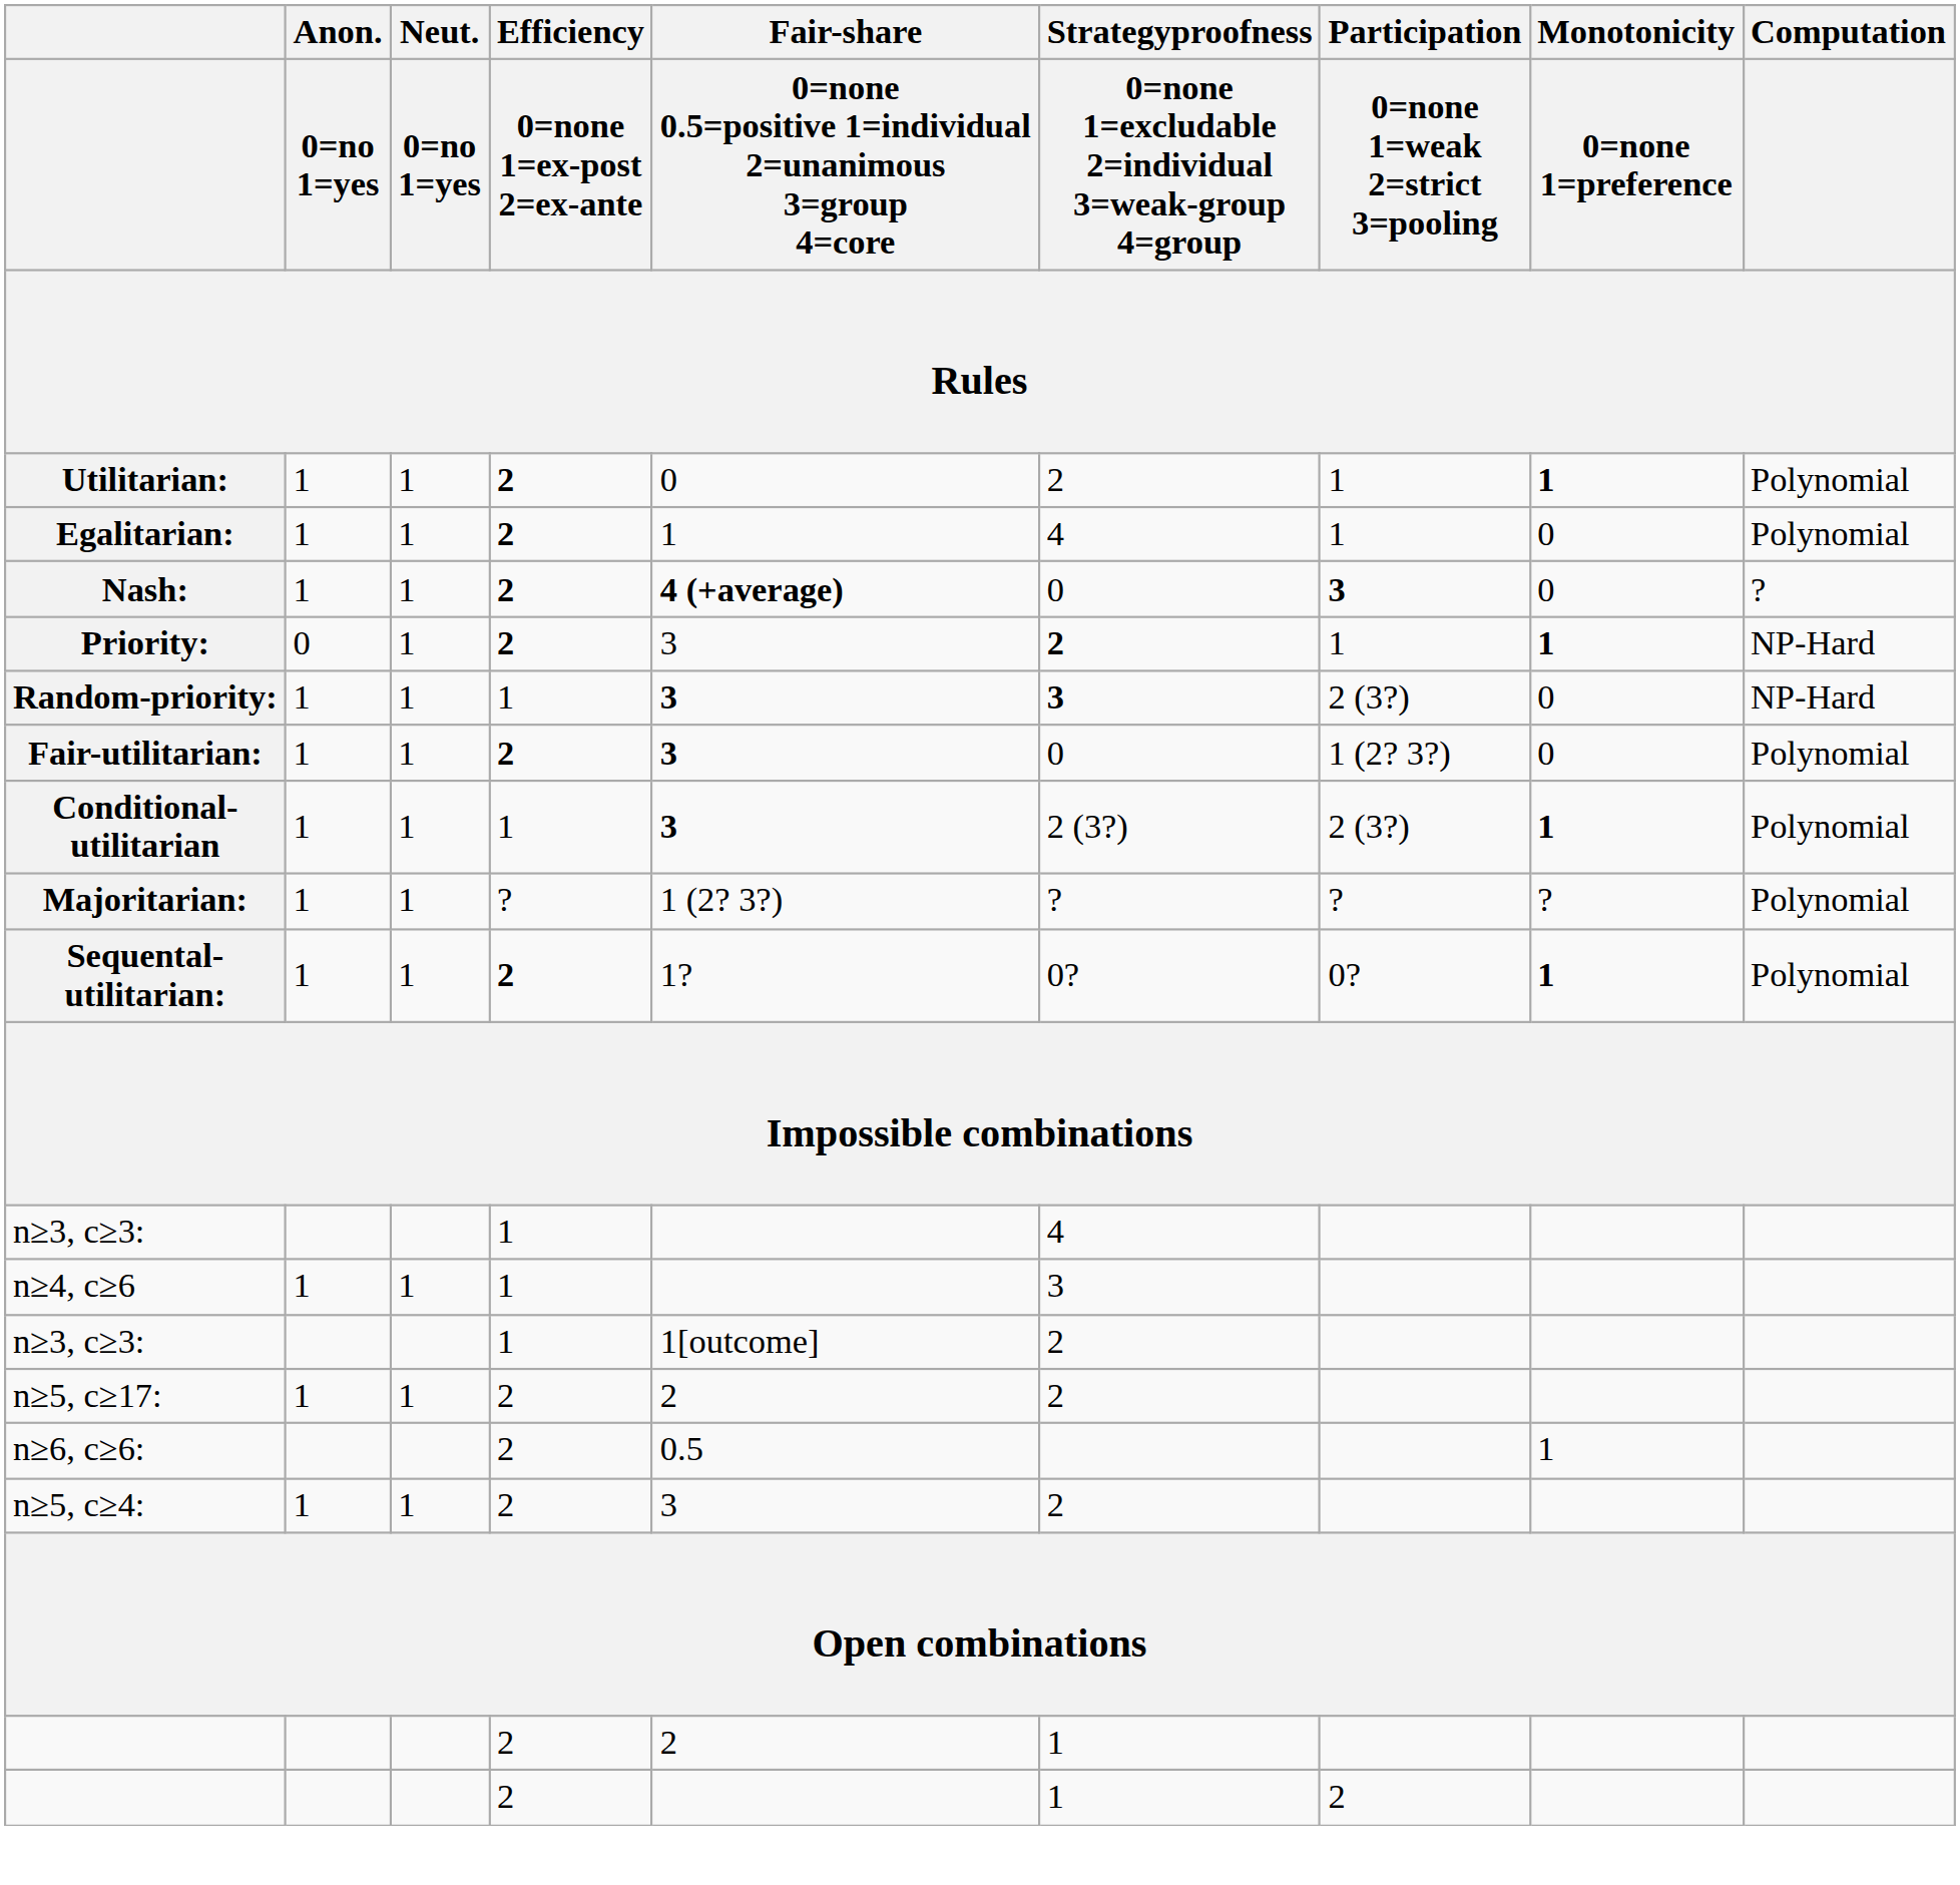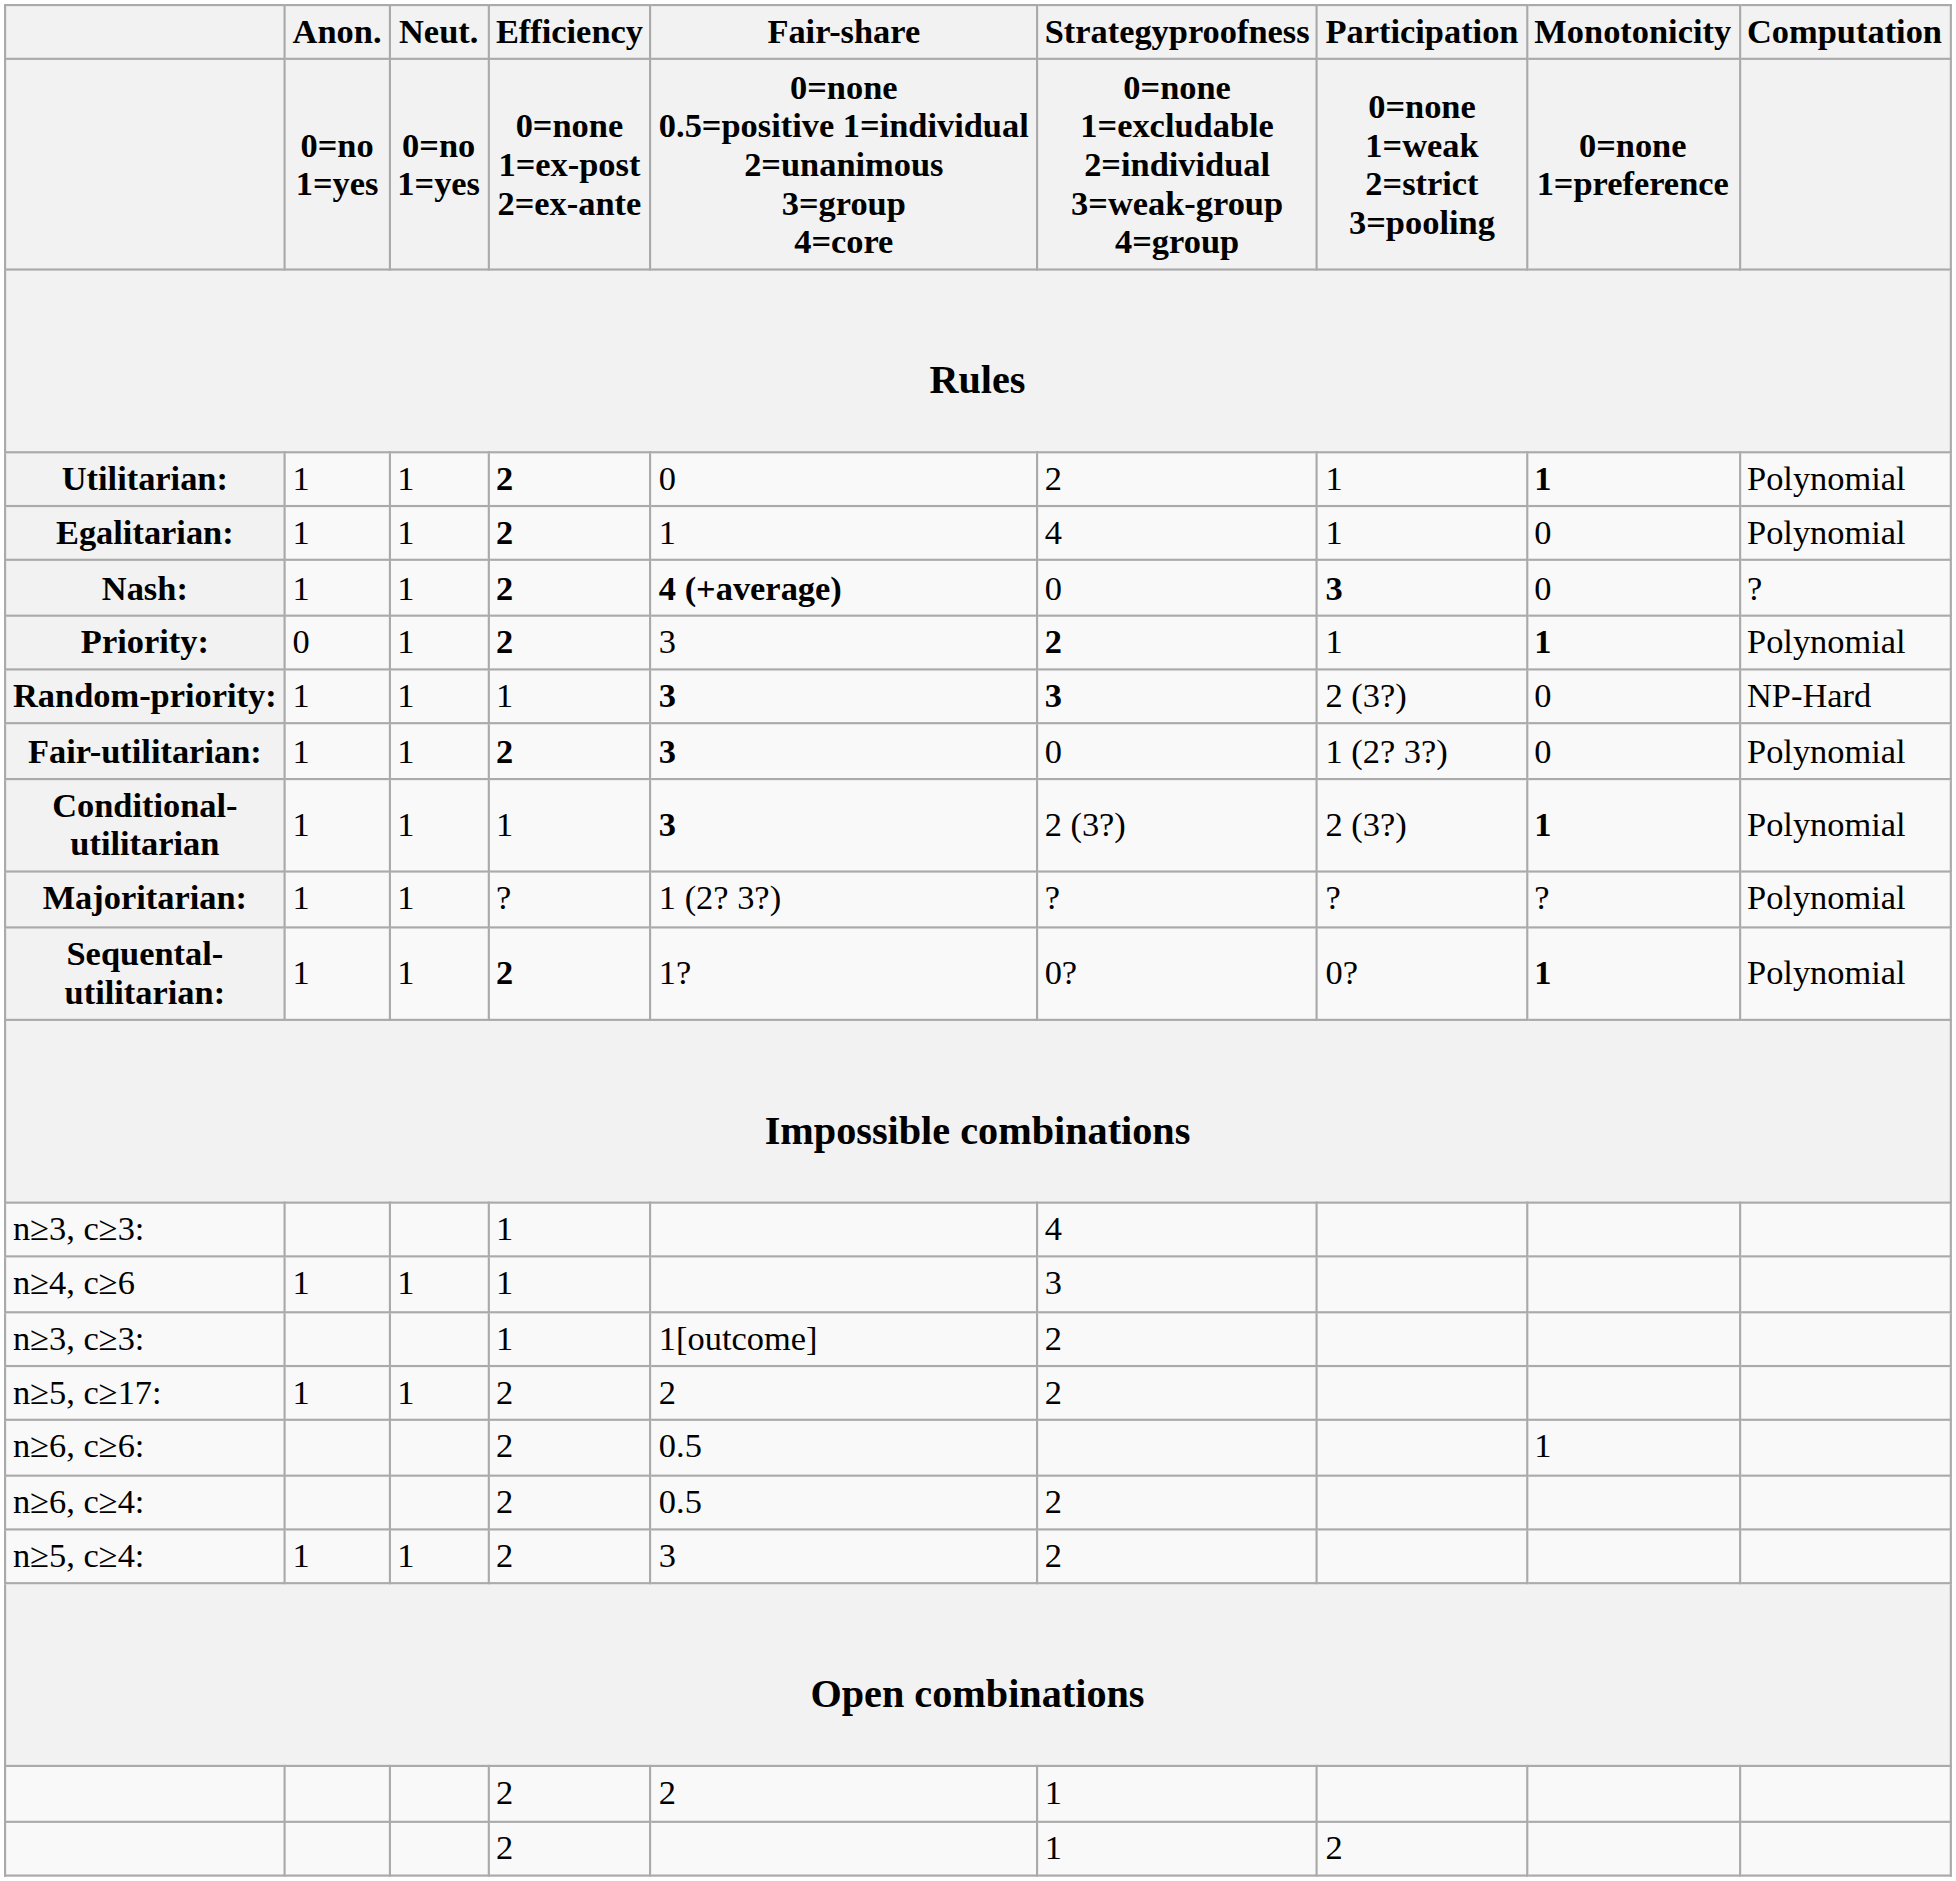 <table class="wikitable">
 <tr>
 <th></th>
 <th>Anon.</th>
 <th>Neut.</th>
 <th>Efficiency</th>
 <th>Fair-share</th>
 <th>Strategyproofness</th>
 <th>Participation</th>
 <th>Monotonicity</th>
 <th>Computation</th>
 </tr>
 <tr>
 <th></th>
 <th>0=no<br>1=yes</th>
 <th>0=no<br>1=yes</th>
 <th>0=none<br>1=ex-post<br>2=ex-ante</th>
 <th>0=none<br>0.5=positive 1=individual<br>2=unanimous<br>3=group<br>4=core</th>
 <th>0=none<br>1=excludable<br>2=individual<br>3=weak-group<br>4=group</th>
 <th>0=none<br>1=weak<br>2=strict<br>3=pooling</th>
 <th>0=none<br>1=preference</th>
 <th></th>
 </tr>
 <tr>
 <th colspan="9"><br><h3>Rules</h3></th>
 </tr>
 <tr>
 <th><strong>Utilitarian:</strong></th>
 <td>1</td>
 <td>1</td>
 <td><strong>2</strong></td>
 <td>0</td>
 <td>2</td>
 <td>1</td>
 <td><strong>1</strong></td>
 <td>Polynomial</td>
 </tr>
 <tr>
 <th><strong>Egalitarian:</strong></th>
 <td>1</td>
 <td>1</td>
 <td><strong>2</strong></td>
 <td>1</td>
 <td>4</td>
 <td>1</td>
 <td>0</td>
 <td>Polynomial</td>
 </tr>
 <tr>
 <th><strong>Nash:</strong></th>
 <td>1</td>
 <td>1</td>
 <td><strong>2</strong></td>
 <td><strong>4 (+average)</strong></td>
 <td>0</td>
 <td><strong>3</strong></td>
 <td>0</td>
 <td>?</td>
 </tr>
 <tr>
 <th><strong>Priority:</strong></th>
 <td>0</td>
 <td>1</td>
 <td><strong>2</strong></td>
 <td>3</td>
 <td><strong>2</strong></td>
 <td>1</td>
 <td><strong>1</strong></td>
-<td>NP-Hard</td>
+<td>Polynomial</td>
 </tr>
 <tr>
 <th><strong>Random-priority:</strong></th>
 <td>1</td>
 <td>1</td>
 <td>1</td>
 <td><strong>3</strong></td>
 <td><strong>3</strong></td>
 <td>2 (3?)</td>
 <td>0</td>
 <td>NP-Hard</td>
 </tr>
 <tr>
 <th><strong>Fair-utilitarian:</strong></th>
 <td>1</td>
 <td>1</td>
 <td><strong>2</strong></td>
 <td><strong>3</strong></td>
 <td>0</td>
 <td>1 (2? 3?)</td>
 <td>0</td>
 <td>Polynomial</td>
 </tr>
 <tr>
 <th>Conditional-<br>utilitarian</th>
 <td>1</td>
 <td>1</td>
 <td>1</td>
 <td><strong>3</strong></td>
 <td>2 (3?)</td>
 <td>2 (3?)</td>
 <td><strong>1</strong></td>
 <td>Polynomial</td>
 </tr>
 <tr>
 <th><strong>Majoritarian:</strong></th>
 <td>1</td>
 <td>1</td>
 <td>?</td>
 <td>1 (2? 3?)</td>
 <td>?</td>
 <td>?</td>
 <td>?</td>
 <td>Polynomial</td>
 </tr>
 <tr>
 <th>Sequental-<br>utilitarian:</th>
 <td>1</td>
 <td>1</td>
 <td><strong>2</strong></td>
 <td>1?</td>
 <td>0?</td>
 <td>0?</td>
 <td><strong>1</strong></td>
 <td>Polynomial</td>
 </tr>
 <tr>
 <th colspan="9"><br><h3>Impossible combinations</h3></th>
 </tr>
 <tr>
 <td>n≥3, c≥3:</td>
 <td></td>
 <td></td>
 <td>1</td>
 <td></td>
 <td>4</td>
 <td></td>
 <td></td>
 <td></td>
 </tr>
 <tr>
 <td>n≥4, c≥6</td>
 <td>1</td>
 <td>1</td>
 <td>1</td>
 <td></td>
 <td>3</td>
 <td></td>
 <td></td>
 <td></td>
 </tr>
 <tr>
 <td>n≥3, c≥3:</td>
 <td></td>
 <td></td>
 <td>1</td>
 <td>1[outcome]</td>
 <td>2</td>
 <td></td>
 <td></td>
 <td></td>
 </tr>
 <tr>
 <td>n≥5, c≥17:</td>
 <td>1</td>
 <td>1</td>
 <td>2</td>
 <td>2</td>
 <td>2</td>
 <td></td>
 <td></td>
 <td></td>
 </tr>
 <tr>
 <td>n≥6, c≥6:</td>
 <td></td>
 <td></td>
 <td>2</td>
 <td>0.5</td>
 <td></td>
 <td></td>
 <td>1</td>
 <td></td>
 </tr>
 <tr>
+<td>n≥6, c≥4:</td>
+<td></td>
+<td></td>
+<td>2</td>
+<td>0.5</td>
+<td>2</td>
+<td></td>
+<td></td>
+<td></td>
+</tr>
+<tr>
 <td>n≥5, c≥4:</td>
 <td>1</td>
 <td>1</td>
 <td>2</td>
 <td>3</td>
 <td>2</td>
 <td></td>
 <td></td>
 <td></td>
 </tr>
 <tr>
 <th colspan="9"><br><h3>Open combinations</h3></th>
 </tr>
 <tr>
 <td></td>
 <td></td>
 <td></td>
 <td>2</td>
 <td>2</td>
 <td>1</td>
 <td></td>
 <td></td>
 <td></td>
 </tr>
 <tr>
 <td></td>
 <td></td>
 <td></td>
 <td>2</td>
 <td></td>
 <td>1</td>
 <td>2</td>
 <td></td>
 <td></td>
 </tr>
 </table>
